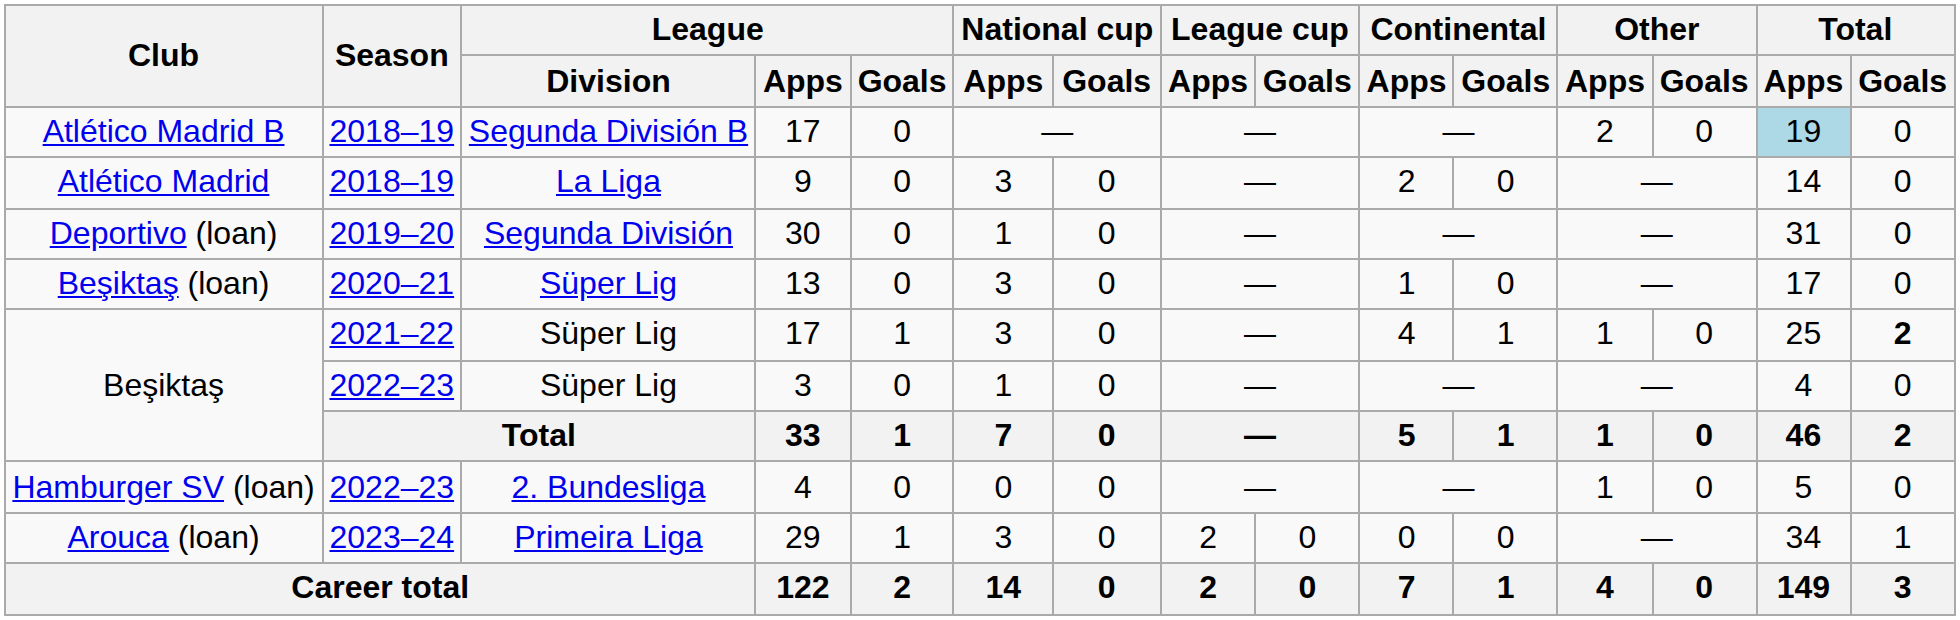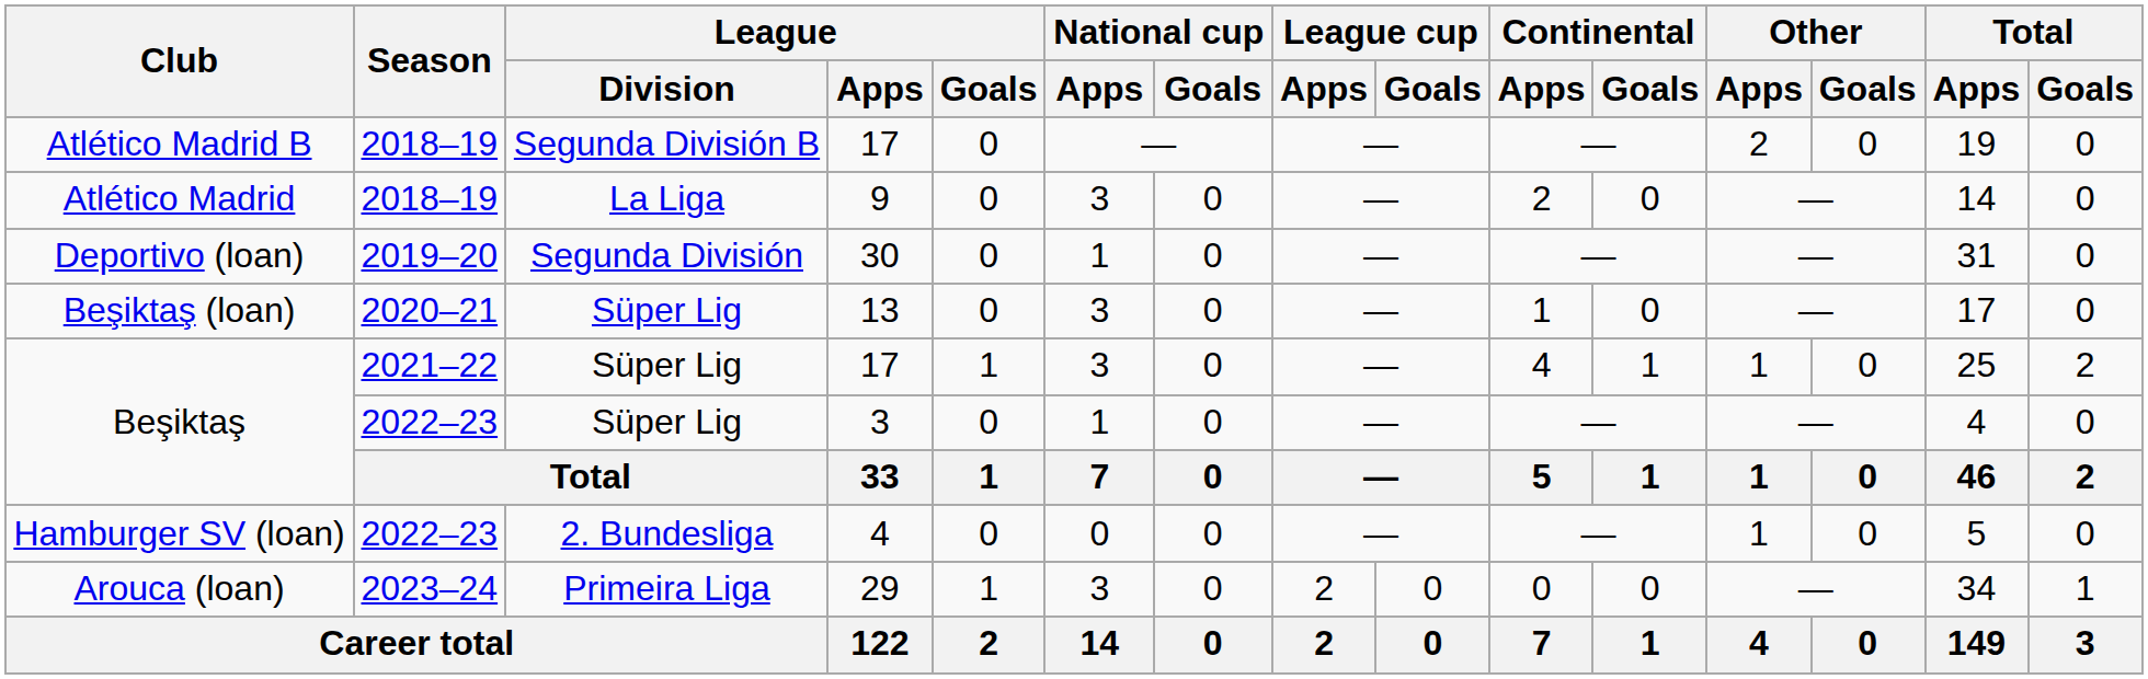 <table class="wikitable" style="text-align:center">
 <tr>
 <th rowspan="2">Club</th>
 <th rowspan="2">Season</th>
 <th colspan="3">League</th>
 <th colspan="2">National cup</th>
 <th colspan="2">League cup</th>
 <th colspan="2">Continental</th>
 <th colspan="2">Other</th>
 <th colspan="2">Total</th>
 </tr>
 <tr>
 <th>Division</th>
 <th>Apps</th>
 <th>Goals</th>
 <th>Apps</th>
 <th>Goals</th>
 <th>Apps</th>
 <th>Goals</th>
 <th>Apps</th>
 <th>Goals</th>
 <th>Apps</th>
 <th>Goals</th>
 <th>Apps</th>
 <th>Goals</th>
 </tr>
 <tr>
 <td><a href='#'>Atlético Madrid B</a></td>
 <td><a href='#'>2018–19</a></td>
 <td><a href='#'>Segunda División B</a></td>
 <td>17</td>
 <td>0</td>
 <td colspan="2">—</td>
 <td colspan="2">—</td>
 <td colspan="2">—</td>
 <td>2</td>
 <td>0</td>
-<td style="background: lightblue;">19</td>
+<td>19</td>
 <td>0</td>
 </tr>
 <tr>
 <td><a href='#'>Atlético Madrid</a></td>
 <td><a href='#'>2018–19</a></td>
 <td><a href='#'>La Liga</a></td>
 <td>9</td>
 <td>0</td>
 <td>3</td>
 <td>0</td>
 <td colspan="2">—</td>
 <td>2</td>
 <td>0</td>
 <td colspan="2">—</td>
 <td>14</td>
 <td>0</td>
 </tr>
 <tr>
 <td><a href='#'>Deportivo</a> (loan)</td>
 <td><a href='#'>2019–20</a></td>
 <td><a href='#'>Segunda División</a></td>
 <td>30</td>
 <td>0</td>
 <td>1</td>
 <td>0</td>
 <td colspan="2">—</td>
 <td colspan="2">—</td>
 <td colspan="2">—</td>
 <td>31</td>
 <td>0</td>
 </tr>
 <tr>
 <td><a href='#'>Beşiktaş</a> (loan)</td>
 <td><a href='#'>2020–21</a></td>
 <td><a href='#'>Süper Lig</a></td>
 <td>13</td>
 <td>0</td>
 <td>3</td>
 <td>0</td>
 <td colspan="2">—</td>
 <td>1</td>
 <td>0</td>
 <td colspan="2">—</td>
 <td>17</td>
 <td>0</td>
 </tr>
 <tr>
 <td rowspan="3">Beşiktaş</td>
 <td><a href='#'>2021–22</a></td>
 <td>Süper Lig</td>
 <td>17</td>
 <td>1</td>
 <td>3</td>
 <td>0</td>
 <td colspan="2">—</td>
 <td>4</td>
 <td>1</td>
 <td>1</td>
 <td>0</td>
 <td>25</td>
-<td><strong>2</strong></td>
+<td>2</td>
 </tr>
 <tr>
 <td><a href='#'>2022–23</a></td>
 <td>Süper Lig</td>
 <td>3</td>
 <td>0</td>
 <td>1</td>
 <td>0</td>
 <td colspan="2">—</td>
 <td colspan="2">—</td>
 <td colspan="2">—</td>
 <td>4</td>
 <td>0</td>
 </tr>
 <tr>
 <th colspan="2">Total</th>
 <th>33</th>
 <th>1</th>
 <th>7</th>
 <th>0</th>
 <th colspan="2">—</th>
 <th>5</th>
 <th>1</th>
 <th>1</th>
 <th>0</th>
 <th>46</th>
 <th>2</th>
 </tr>
 <tr>
 <td><a href='#'>Hamburger SV</a> (loan)</td>
 <td><a href='#'>2022–23</a></td>
 <td><a href='#'>2. Bundesliga</a></td>
 <td>4</td>
 <td>0</td>
 <td>0</td>
 <td>0</td>
 <td colspan="2">—</td>
 <td colspan="2">—</td>
 <td>1</td>
 <td>0</td>
 <td>5</td>
 <td>0</td>
 </tr>
 <tr>
 <td><a href='#'>Arouca</a> (loan)</td>
 <td><a href='#'>2023–24</a></td>
 <td><a href='#'>Primeira Liga</a></td>
 <td>29</td>
 <td>1</td>
 <td>3</td>
 <td>0</td>
 <td>2</td>
 <td>0</td>
 <td>0</td>
 <td>0</td>
 <td colspan="2">—</td>
 <td>34</td>
 <td>1</td>
 </tr>
 <tr>
 <th colspan="3">Career total</th>
 <th>122</th>
 <th>2</th>
 <th>14</th>
 <th>0</th>
 <th>2</th>
 <th>0</th>
 <th>7</th>
 <th>1</th>
 <th>4</th>
 <th>0</th>
 <th>149</th>
 <th>3</th>
 </tr>
 </table>
